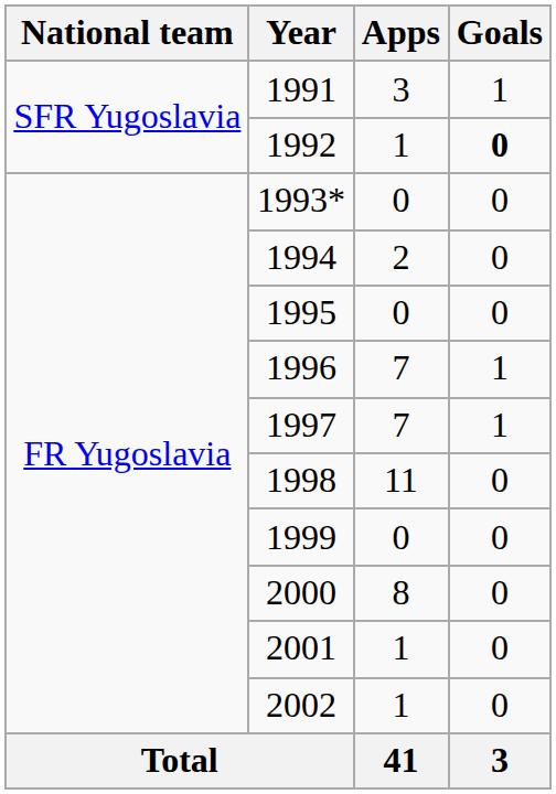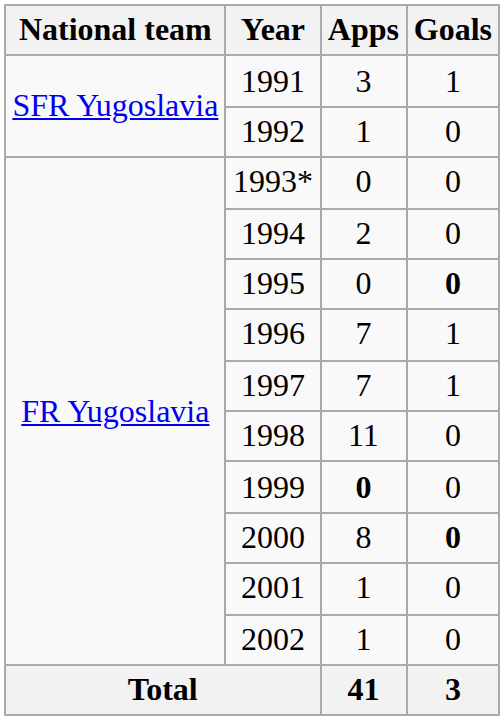 <table class="wikitable" style="text-align:center">
 <tr>
 <th>National team</th>
 <th>Year</th>
 <th>Apps</th>
 <th>Goals</th>
 </tr>
 <tr>
 <td rowspan="2"><a href='#'>SFR Yugoslavia</a></td>
 <td>1991</td>
 <td>3</td>
 <td>1</td>
 </tr>
 <tr>
 <td>1992</td>
 <td>1</td>
-<td><strong>0</strong></td>
+<td>0</td>
 </tr>
 <tr>
 <td rowspan="10"><a href='#'>FR Yugoslavia</a></td>
 <td>1993*</td>
 <td>0</td>
 <td>0</td>
 </tr>
 <tr>
 <td>1994</td>
 <td>2</td>
 <td>0</td>
 </tr>
 <tr>
 <td>1995</td>
 <td>0</td>
-<td>0</td>
+<td><strong>0</strong></td>
 </tr>
 <tr>
 <td>1996</td>
 <td>7</td>
 <td>1</td>
 </tr>
 <tr>
 <td>1997</td>
 <td>7</td>
 <td>1</td>
 </tr>
 <tr>
 <td>1998</td>
 <td>11</td>
 <td>0</td>
 </tr>
 <tr>
 <td>1999</td>
-<td>0</td>
+<td><strong>0</strong></td>
 <td>0</td>
 </tr>
 <tr>
 <td>2000</td>
 <td>8</td>
-<td>0</td>
+<td><strong>0</strong></td>
 </tr>
 <tr>
 <td>2001</td>
 <td>1</td>
 <td>0</td>
 </tr>
 <tr>
 <td>2002</td>
 <td>1</td>
 <td>0</td>
 </tr>
 <tr>
 <th colspan="2">Total</th>
 <th>41</th>
 <th>3</th>
 </tr>
 </table>
